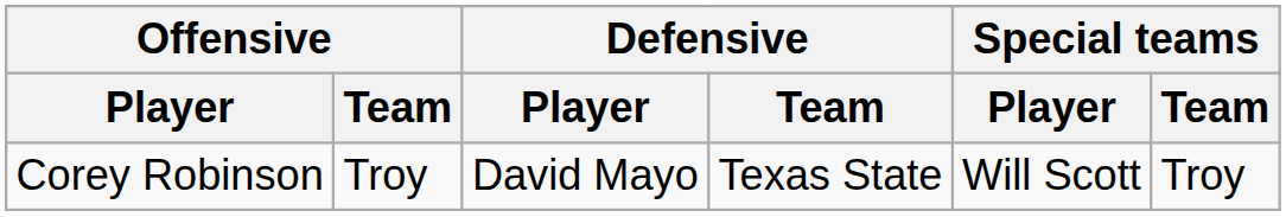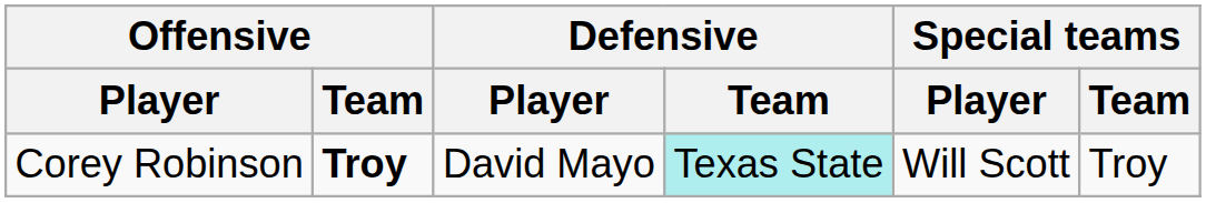 <table class="wikitable">
 <tr>
 <th colspan="2">Offensive</th>
 <th colspan="2">Defensive</th>
 <th colspan="2">Special teams</th>
 </tr>
 <tr>
 <th>Player</th>
 <th>Team</th>
 <th>Player</th>
 <th>Team</th>
 <th>Player</th>
 <th>Team</th>
 </tr>
 <tr>
 <td>Corey Robinson</td>
-<td>Troy</td>
+<td><strong>Troy</strong></td>
 <td>David Mayo</td>
-<td>Texas State</td>
+<td style="background: paleturquoise;">Texas State</td>
 <td>Will Scott</td>
 <td>Troy</td>
 </tr>
 </table>
